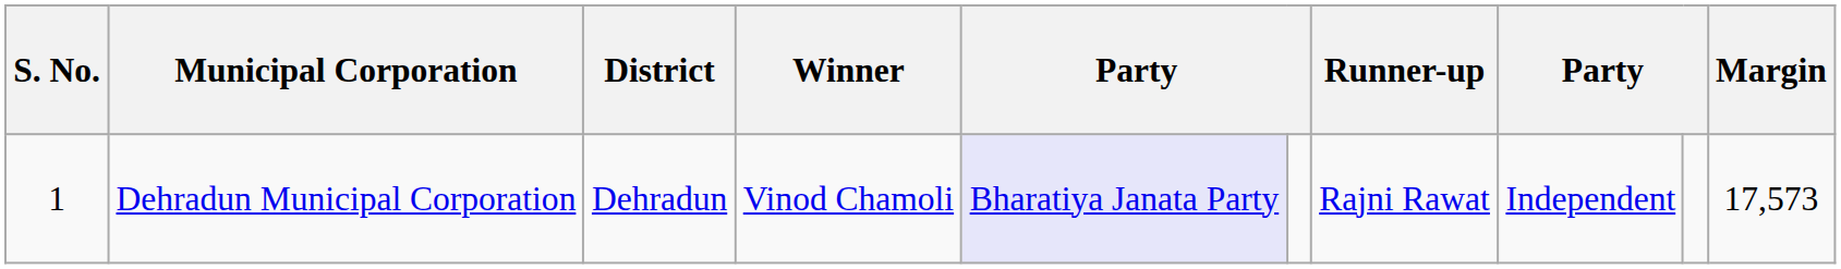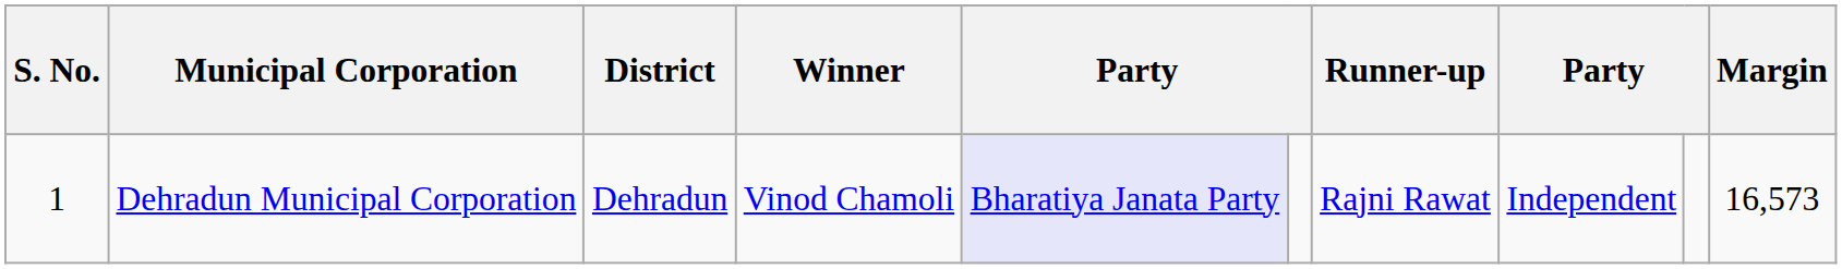 <table class="wikitable">
 <tr style="text-align:center; height:60px;">
 <th>S. No.</th>
 <th>Municipal Corporation</th>
 <th>District</th>
 <th>Winner</th>
 <th colspan=2>Party</th>
 <th>Runner-up</th>
 <th colspan=2>Party</th>
 <th>Margin</th>
 </tr>
 <tr style="text-align:center; height:60px;">
 <td>1</td>
 <td><a href='#'>Dehradun Municipal Corporation</a></td>
 <td><a href='#'>Dehradun</a></td>
 <td><a href='#'>Vinod Chamoli</a></td>
 <td style="background: lavender;"><a href='#'>Bharatiya Janata Party</a></td>
 <td width="4px" style="background-color: "></td>
 <td><a href='#'>Rajni Rawat</a></td>
 <td><a href='#'>Independent</a></td>
 <td width="4px" style="background-color: "></td>
-<td>17,573</td>
+<td>16,573</td>
 </tr>
 </table>
